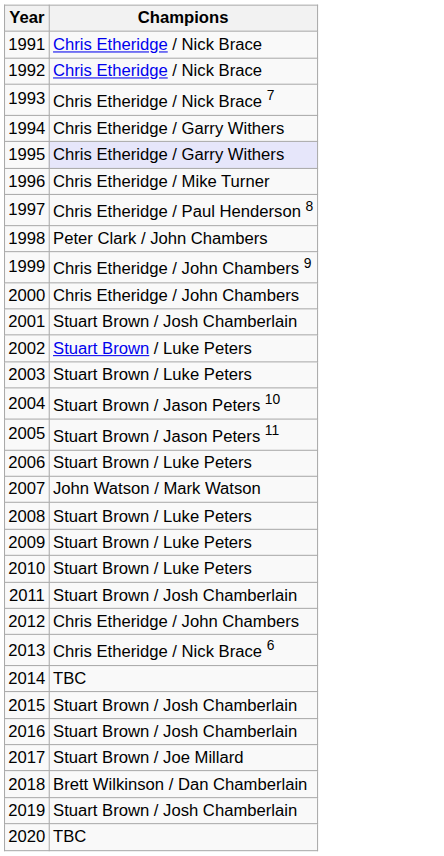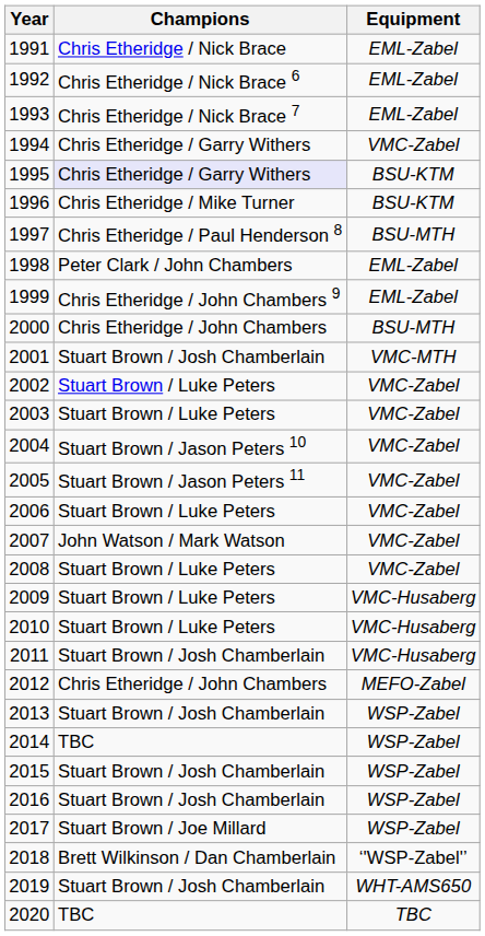 <table class="wikitable" style="display:inline-table;">
 <tr>
 <th>Year</th>
 <th>Champions</th>
+<th>Equipment</th>
 </tr>
 <tr align="center">
 <td>1991</td>
 <td align="left"><a href='#'>Chris Etheridge</a> / Nick Brace</td>
+<td><em>EML-Zabel</em></td>
 </tr>
 <tr align="center">
 <td>1992</td>
-<td align="left"><a href='#'>Chris Etheridge</a> / Nick Brace</td>
+<td align="left">Chris Etheridge / Nick Brace <sup>6</sup></td>
+<td><em>EML-Zabel</em></td>
 </tr>
 <tr align="center">
 <td>1993</td>
 <td align="left">Chris Etheridge / Nick Brace <sup>7</sup></td>
+<td><em>EML-Zabel</em></td>
 </tr>
 <tr align="center">
 <td>1994</td>
 <td align="left">Chris Etheridge / Garry Withers</td>
+<td><em>VMC-Zabel</em></td>
 </tr>
 <tr align="center">
 <td>1995</td>
 <td align="left" style="background: lavender;">Chris Etheridge / Garry Withers</td>
+<td><em>BSU-KTM</em></td>
 </tr>
 <tr align="center">
 <td>1996</td>
 <td align="left">Chris Etheridge / Mike Turner</td>
+<td><em>BSU-KTM</em></td>
 </tr>
 <tr align="center">
 <td>1997</td>
 <td align="left">Chris Etheridge / Paul Henderson <sup>8</sup></td>
+<td><em>BSU-MTH</em></td>
 </tr>
 <tr align="center">
 <td>1998</td>
 <td align="left">Peter Clark / John Chambers</td>
+<td><em>EML-Zabel</em></td>
 </tr>
 <tr align="center">
 <td>1999</td>
 <td align="left">Chris Etheridge / John Chambers <sup>9</sup></td>
+<td><em>EML-Zabel</em></td>
 </tr>
 <tr align="center">
 <td>2000</td>
 <td align="left">Chris Etheridge / John Chambers</td>
+<td><em>BSU-MTH</em></td>
 </tr>
 <tr align="center">
 <td>2001</td>
 <td align="left">Stuart Brown / Josh Chamberlain</td>
+<td><em>VMC-MTH</em></td>
 </tr>
 <tr align="center">
 <td>2002</td>
 <td align="left"><a href='#'>Stuart Brown</a> / Luke Peters</td>
+<td><em>VMC-Zabel</em></td>
 </tr>
 <tr align="center">
 <td>2003</td>
 <td align="left">Stuart Brown / Luke Peters</td>
+<td><em>VMC-Zabel</em></td>
 </tr>
 <tr align="center">
 <td>2004</td>
 <td align="left">Stuart Brown / Jason Peters <sup>10</sup></td>
+<td><em>VMC-Zabel</em></td>
 </tr>
 <tr align="center">
 <td>2005</td>
 <td align="left">Stuart Brown / Jason Peters <sup>11</sup></td>
+<td><em>VMC-Zabel</em></td>
 </tr>
 <tr align="center">
 <td>2006</td>
 <td align="left">Stuart Brown / Luke Peters</td>
+<td><em>VMC-Zabel</em></td>
 </tr>
 <tr align="center">
 <td>2007</td>
 <td align="left">John Watson / Mark Watson</td>
+<td><em>VMC-Zabel</em></td>
 </tr>
 <tr align="center">
 <td>2008</td>
 <td align="left">Stuart Brown / Luke Peters</td>
+<td><em>VMC-Zabel</em></td>
 </tr>
 <tr align="center">
 <td>2009</td>
 <td align="left">Stuart Brown / Luke Peters</td>
+<td><em>VMC-Husaberg</em></td>
 </tr>
 <tr align="center">
 <td>2010</td>
 <td align="left">Stuart Brown / Luke Peters</td>
+<td><em>VMC-Husaberg</em></td>
 </tr>
 <tr align="center">
 <td>2011</td>
 <td align="left">Stuart Brown / Josh Chamberlain</td>
+<td><em>VMC-Husaberg</em></td>
 </tr>
 <tr align="center">
 <td>2012</td>
 <td align="left">Chris Etheridge / John Chambers</td>
+<td><em>MEFO-Zabel</em></td>
 </tr>
 <tr align="center">
 <td>2013</td>
-<td align="left">Chris Etheridge / Nick Brace <sup>6</sup></td>
+<td align="left">Stuart Brown / Josh Chamberlain</td>
+<td><em>WSP-Zabel</em></td>
 </tr>
 <tr align="center">
 <td>2014</td>
 <td align="left">TBC</td>
+<td><em>WSP-Zabel</em></td>
 </tr>
 <tr align="center">
 <td>2015</td>
 <td align="left">Stuart Brown / Josh Chamberlain</td>
+<td><em>WSP-Zabel</em></td>
 </tr>
 <tr align="center">
 <td>2016</td>
 <td align="left">Stuart Brown / Josh Chamberlain</td>
+<td><em>WSP-Zabel</em></td>
 </tr>
 <tr align="center">
 <td>2017</td>
 <td align="left">Stuart Brown / Joe Millard</td>
+<td><em>WSP-Zabel</em></td>
 </tr>
 <tr align="center">
 <td>2018</td>
 <td align="left">Brett Wilkinson / Dan Chamberlain</td>
+<td>‘'WSP-Zabel'’</td>
 </tr>
 <tr align="center">
 <td>2019</td>
 <td align="left">Stuart Brown / Josh Chamberlain</td>
+<td><em>WHT-AMS650</em></td>
 </tr>
 <tr align="center">
 <td>2020</td>
 <td align="left">TBC</td>
+<td><em>TBC</em></td>
 </tr>
 </table>
